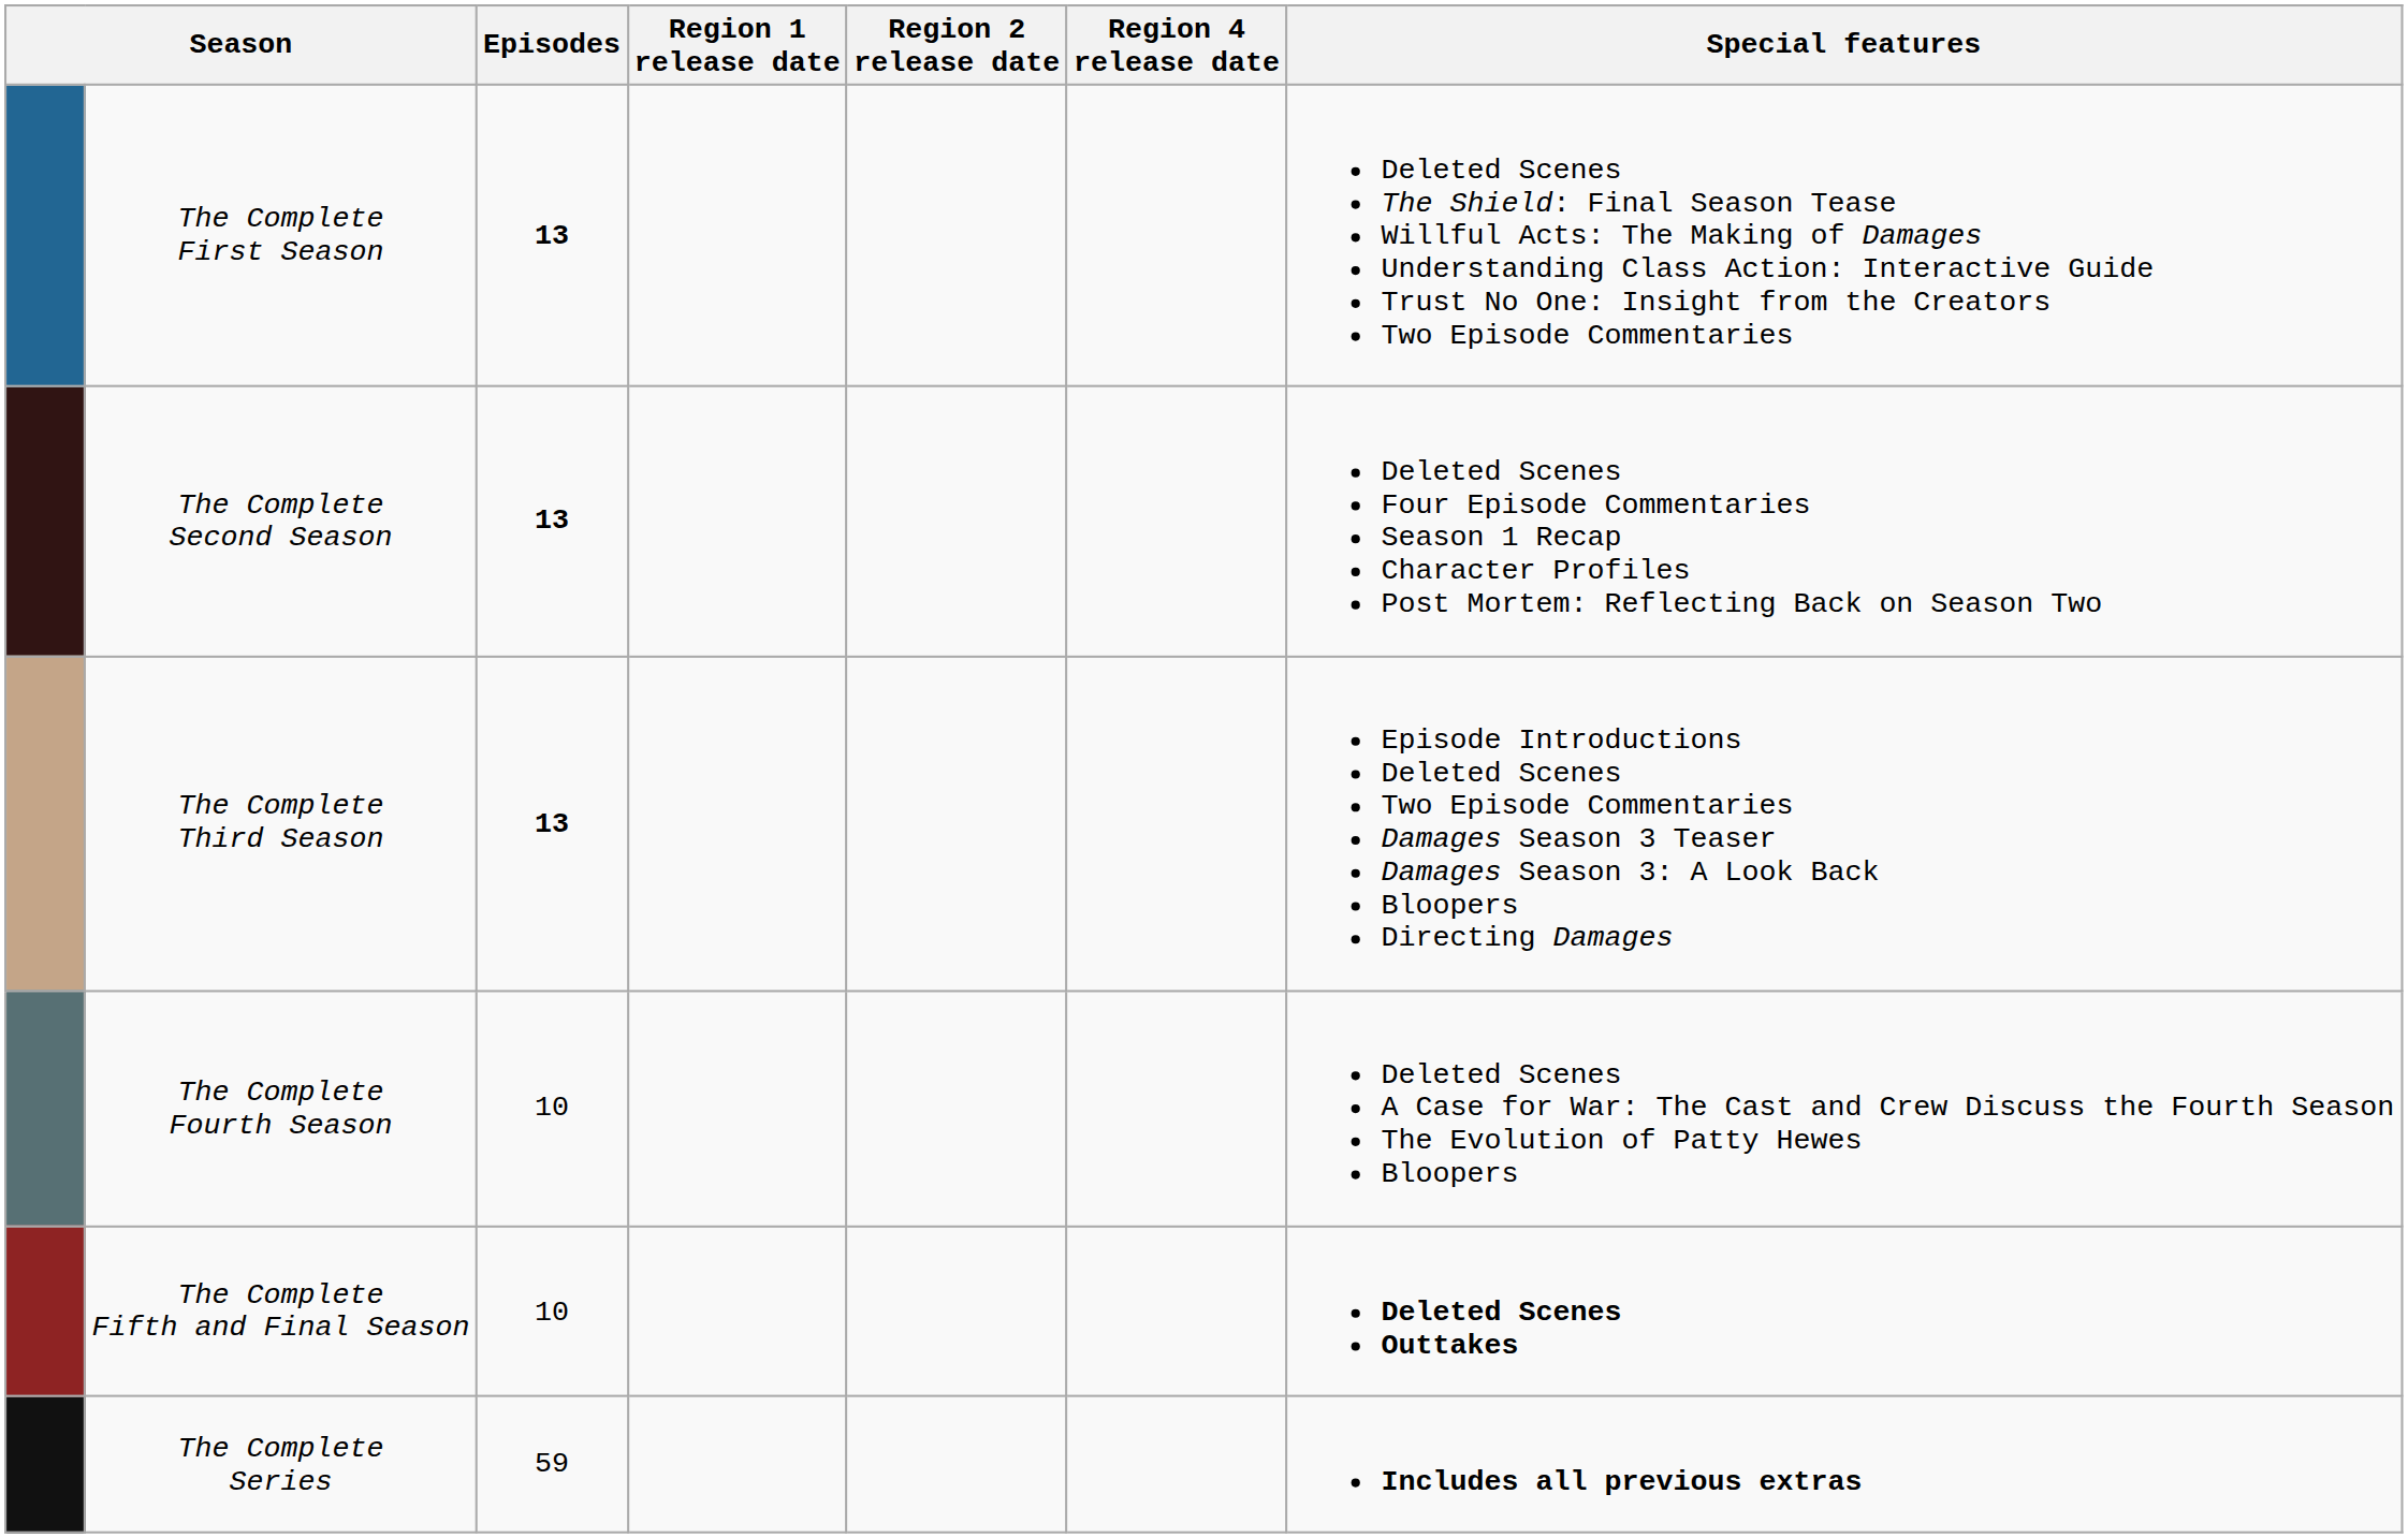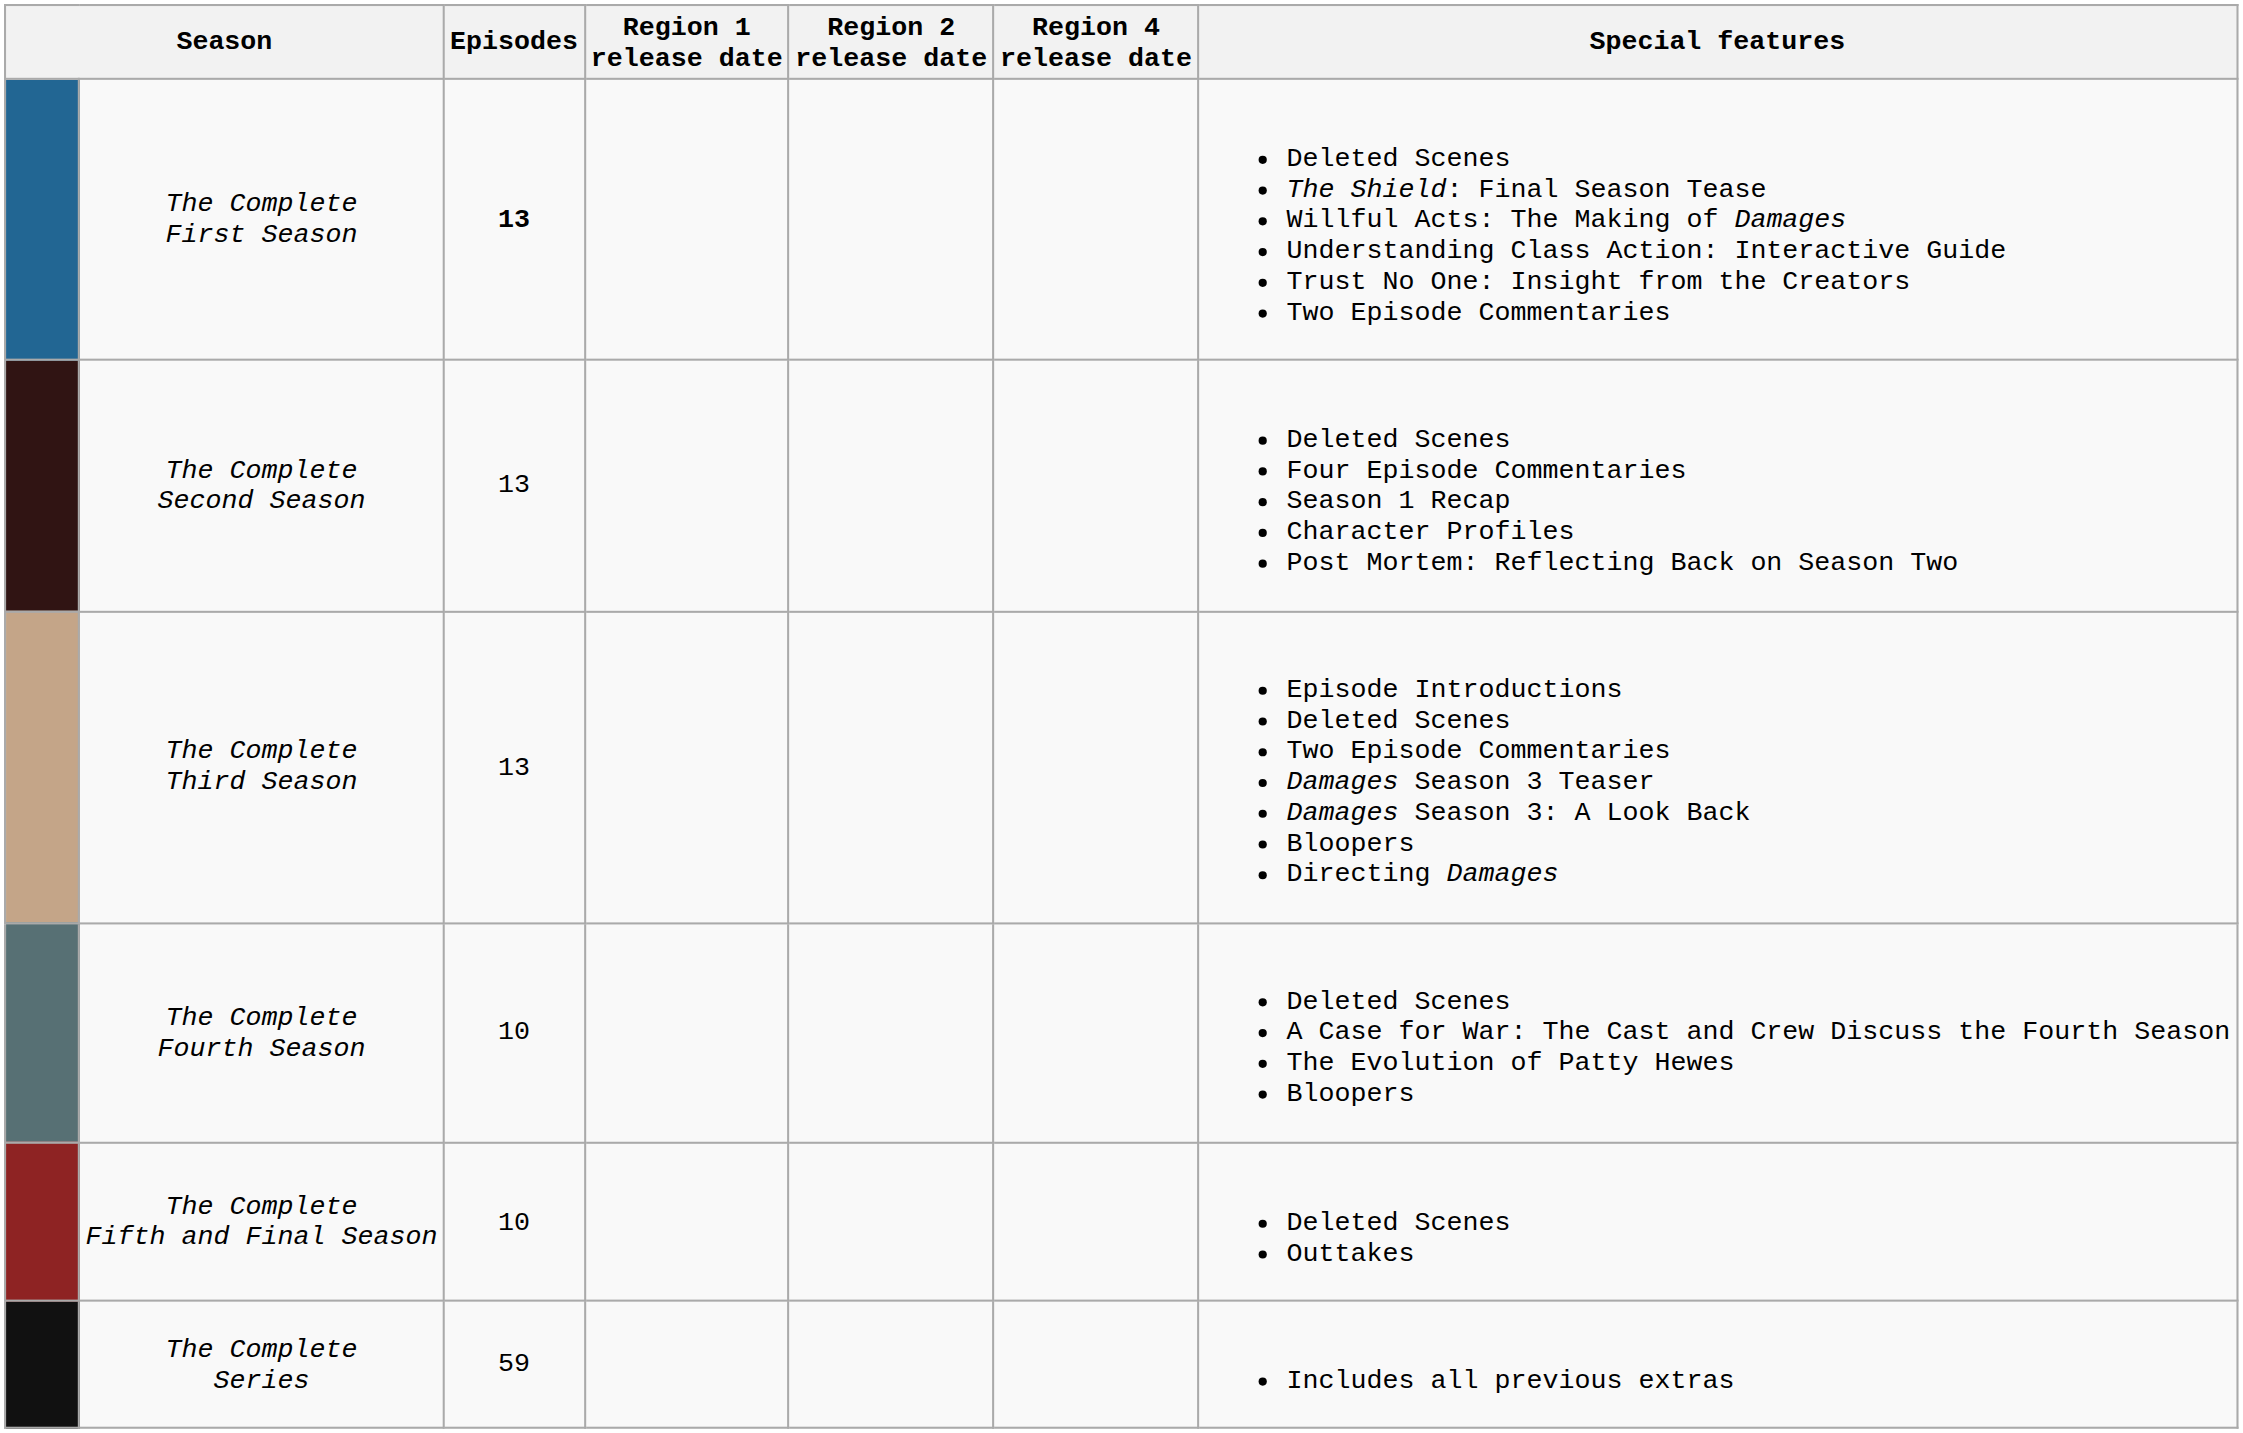 <table class="wikitable">
 <tr>
 <th colspan="2">Season</th>
 <th>Episodes</th>
 <th>Region 1<br>release date</th>
 <th>Region 2<br>release date</th>
 <th>Region 4<br>release date</th>
 <th>Special features</th>
 </tr>
 <tr>
 <td rowspan="1" style="height:20px; background:#226693; width:30px;"></td>
 <td rowspan="1" style="text-align:center"><em>The Complete<br>First Season</em></td>
 <td rowspan="1" style="text-align:center"><strong>13</strong></td>
 <td style="text-align:center"></td>
 <td style="text-align:center"></td>
 <td style="text-align:center"></td>
 <td><br><ul><li>Deleted Scenes</li><li><em>The Shield</em>: Final Season Tease</li><li>Willful Acts: The Making of <em>Damages</em></li><li>Understanding Class Action: Interactive Guide</li><li>Trust No One: Insight from the Creators</li><li>Two Episode Commentaries</li></ul></td>
 </tr>
 <tr>
 <td rowspan="1"  style="background:#301413; height:10px;"></td>
 <td rowspan="1" style="text-align:center"><em>The Complete<br>Second Season</em></td>
-<td rowspan="1" style="text-align:center"><strong>13</strong></td>
+<td rowspan="1" style="text-align:center">13</td>
 <td style="text-align:center"></td>
 <td style="text-align:center"></td>
 <td style="text-align:center"></td>
 <td><br><ul><li>Deleted Scenes</li><li>Four Episode Commentaries</li><li>Season 1 Recap</li><li>Character Profiles</li><li>Post Mortem: Reflecting Back on Season Two</li></ul></td>
 </tr>
 <tr>
 <td rowspan="1"  style="background:#c4a588; height:10px;"></td>
 <td rowspan="1" style="text-align:center"><em>The Complete<br>Third Season</em></td>
-<td rowspan="1" style="text-align:center"><strong>13</strong></td>
+<td rowspan="1" style="text-align:center">13</td>
 <td style="text-align:center"></td>
 <td style="text-align:center"></td>
 <td style="text-align:center"></td>
 <td><br><ul><li>Episode Introductions</li><li>Deleted Scenes</li><li>Two Episode Commentaries</li><li><em>Damages</em> Season 3 Teaser</li><li><em>Damages</em> Season 3: A Look Back</li><li>Bloopers</li><li>Directing <em>Damages</em></li></ul></td>
 </tr>
 <tr>
 <td rowspan="1"  style="background:#577074; height:10px;"></td>
 <td rowspan="1" style="text-align:center"><em>The Complete<br>Fourth Season</em></td>
 <td rowspan="1" style="text-align:center">10</td>
 <td style="text-align:center"></td>
 <td style="text-align:center"></td>
 <td style="text-align:center"></td>
 <td><br><ul><li>Deleted Scenes</li><li>A Case for War: The Cast and Crew Discuss the Fourth Season</li><li>The Evolution of Patty Hewes</li><li>Bloopers</li></ul></td>
 </tr>
 <tr>
 <td rowspan="1" style="height:20px; background:#8E2323; width:30px;"></td>
 <td rowspan="1" style="text-align:center"><em>The Complete<br>Fifth and Final Season</em></td>
 <td rowspan="1" style="text-align:center">10</td>
 <td style="text-align:center"></td>
 <td style="text-align:center"></td>
 <td style="text-align:center"></td>
-<td><strong><br><ul><li>Deleted Scenes</li><li>Outtakes</li></ul></strong></td>
+<td><br><ul><li>Deleted Scenes</li><li>Outtakes</li></ul></td>
 </tr>
 <tr>
 <td rowspan="1" style="height:20px; background:#111111; width:30px;"></td>
 <td rowspan="1" style="text-align:center"><em>The Complete<br>Series</em></td>
 <td rowspan="1" style="text-align:center">59</td>
 <td style="text-align:center"></td>
 <td></td>
 <td style="text-align:center"></td>
-<td><strong><br><ul><li>Includes all previous extras</li></ul></strong></td>
+<td><br><ul><li>Includes all previous extras</li></ul></td>
 </tr>
 </table>
